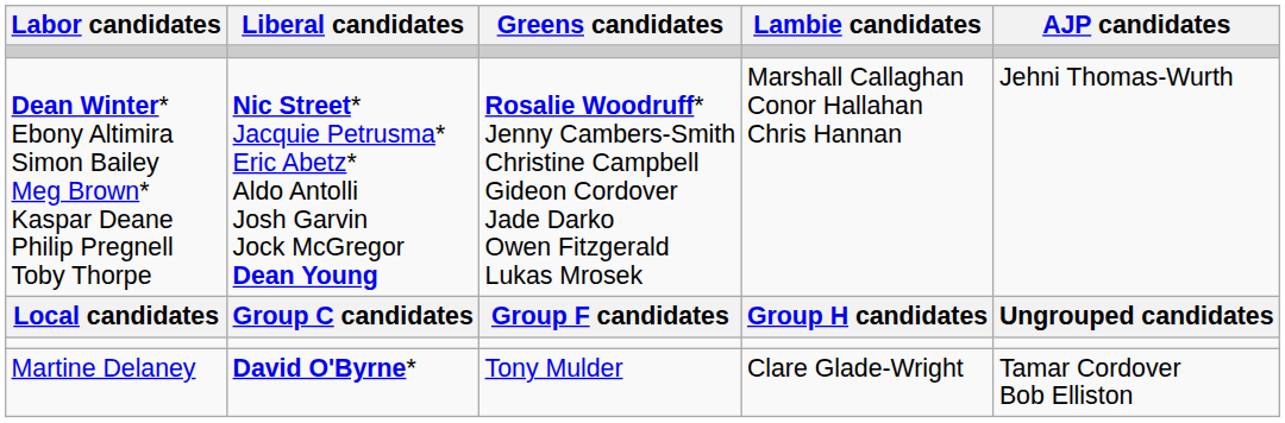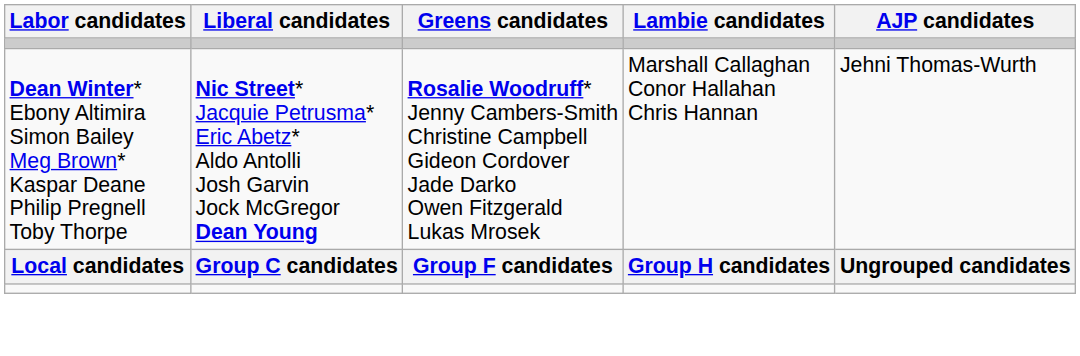 <table class="wikitable">
 <tr>
 <th><a href='#'>Labor</a> candidates</th>
 <th><a href='#'>Liberal</a> candidates</th>
 <th><a href='#'>Greens</a> candidates</th>
 <th><a href='#'>Lambie</a> candidates</th>
 <th><a href='#'>AJP</a> candidates</th>
 </tr>
 <tr bgcolor="#cccccc">
 <td></td>
 <td></td>
 <td></td>
 <td></td>
 <td></td>
 </tr>
 <tr>
 <td valign=top ><br><strong><a href='#'>Dean Winter</a></strong>* <br>  Ebony Altimira <br>  Simon Bailey <br>  <a href='#'>Meg Brown</a>* <br>  Kaspar Deane <br>  Philip Pregnell <br>  Toby Thorpe</td>
 <td valign=top ><br><strong><a href='#'>Nic Street</a></strong>* <br>  <a href='#'>Jacquie Petrusma</a>* <br>  <a href='#'>Eric Abetz</a>* <br>  Aldo Antolli <br>  Josh Garvin <br>  Jock McGregor <br>  <strong><a href='#'>Dean Young</a></strong></td>
 <td valign=top ><br><strong><a href='#'>Rosalie Woodruff</a></strong>* <br>  Jenny Cambers-Smith <br>  Christine Campbell <br>  Gideon Cordover <br>  Jade Darko <br>  Owen Fitzgerald <br>  Lukas Mrosek</td>
 <td valign=top>Marshall Callaghan <br> Conor Hallahan <br> Chris Hannan</td>
 <td valign=top>Jehni Thomas-Wurth</td>
 </tr>
 <tr>
 <th><a href='#'>Local</a>  candidates</th>
 <th><a href='#'>Group C</a> candidates</th>
 <th><a href='#'>Group F</a> candidates</th>
 <th><a href='#'>Group H</a> candidates</th>
 <th>Ungrouped candidates</th>
 </tr>
 <tr>
 <td></td>
 <td></td>
 <td></td>
 <td></td>
 <td></td>
 </tr>
-<tr>
-<td valign=top><a href='#'>Martine Delaney</a></td>
-<td valign=top ><strong><a href='#'>David O'Byrne</a></strong>*</td>
-<td valign=top><a href='#'>Tony Mulder</a></td>
-<td valign=top>Clare Glade-Wright</td>
-<td valign=top>Tamar Cordover  <br> Bob Elliston</td>
-</tr>
 </table>
